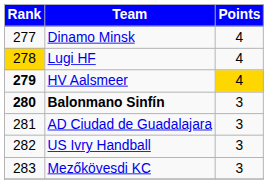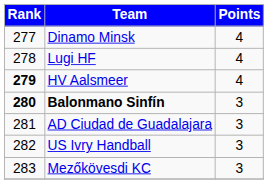 <table class="wikitable" style="text-align: center;">
 <tr>
 <th style="color:#FFFFFF; background:#0000FF">Rank</th>
 <th style="color:#FFFFFF; background:#0000FF">Team</th>
 <th style="color:#FFFFFF; background:#0000FF">Points</th>
 </tr>
 <tr>
 <td>277</td>
 <td align=left> <a href='#'>Dinamo Minsk</a></td>
 <td>4</td>
 </tr>
 <tr>
-<td style="background: gold;">278</td>
+<td>278</td>
 <td align=left> <a href='#'>Lugi HF</a></td>
 <td>4</td>
 </tr>
 <tr>
 <td><strong>279</strong></td>
 <td align=left> <a href='#'>HV Aalsmeer</a></td>
-<td style="background: gold;">4</td>
+<td>4</td>
 </tr>
 <tr>
 <td><strong>280</strong></td>
 <td align=left> <strong>Balonmano Sinfín</strong></td>
 <td>3</td>
 </tr>
 <tr>
 <td>281</td>
 <td align=left> <a href='#'>AD Ciudad de Guadalajara</a></td>
 <td>3</td>
 </tr>
 <tr>
 <td>282</td>
 <td align=left> <a href='#'>US Ivry Handball</a></td>
 <td>3</td>
 </tr>
 <tr>
 <td>283</td>
 <td align=left> <a href='#'>Mezőkövesdi KC</a></td>
 <td>3</td>
 </tr>
 <tr>
 </tr>
 </table>
